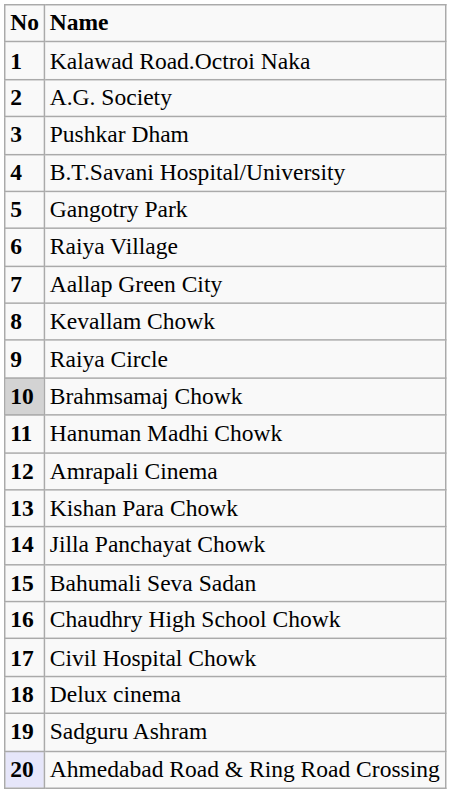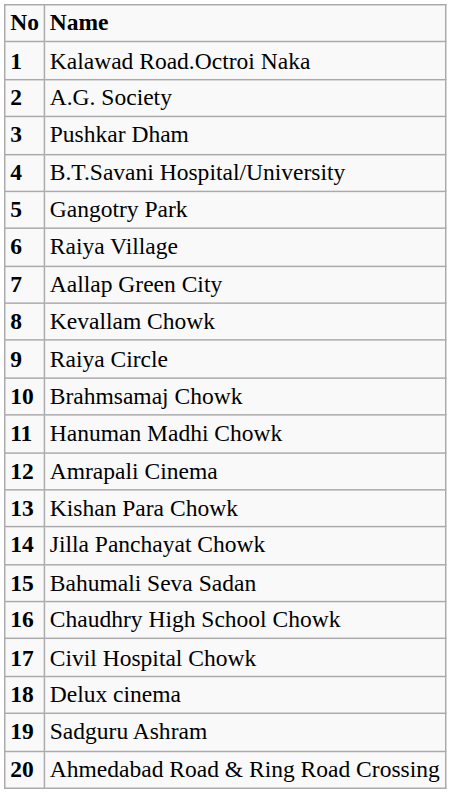 <table class="wikitable">
 <tr>
 <td><strong>No</strong></td>
 <td><strong>Name</strong></td>
 </tr>
 <tr>
 <td><strong>1</strong></td>
 <td>Kalawad Road.Octroi Naka</td>
 </tr>
 <tr>
 <td><strong>2</strong></td>
 <td>A.G. Society</td>
 </tr>
 <tr>
 <td><strong>3</strong></td>
 <td>Pushkar Dham</td>
 </tr>
 <tr>
 <td><strong>4</strong></td>
 <td>B.T.Savani Hospital/University</td>
 </tr>
 <tr>
 <td><strong>5</strong></td>
 <td>Gangotry Park</td>
 </tr>
 <tr>
 <td><strong>6</strong></td>
 <td>Raiya Village</td>
 </tr>
 <tr>
 <td><strong>7</strong></td>
 <td>Aallap Green City</td>
 </tr>
 <tr>
 <td><strong>8</strong></td>
 <td>Kevallam Chowk</td>
 </tr>
 <tr>
 <td><strong>9</strong></td>
 <td>Raiya Circle</td>
 </tr>
 <tr>
-<td style="background: lightgrey;"><strong>10</strong></td>
+<td><strong>10</strong></td>
 <td>Brahmsamaj Chowk</td>
 </tr>
 <tr>
 <td><strong>11</strong></td>
 <td>Hanuman Madhi Chowk</td>
 </tr>
 <tr>
 <td><strong>12</strong></td>
 <td>Amrapali Cinema</td>
 </tr>
 <tr>
 <td><strong>13</strong></td>
 <td>Kishan Para Chowk</td>
 </tr>
 <tr>
 <td><strong>14</strong></td>
 <td>Jilla Panchayat Chowk</td>
 </tr>
 <tr>
 <td><strong>15</strong></td>
 <td>Bahumali Seva Sadan</td>
 </tr>
 <tr>
 <td><strong>16</strong></td>
 <td>Chaudhry High School Chowk</td>
 </tr>
 <tr>
 <td><strong>17</strong></td>
 <td>Civil Hospital Chowk</td>
 </tr>
 <tr>
 <td><strong>18</strong></td>
 <td>Delux cinema</td>
 </tr>
 <tr>
 <td><strong>19</strong></td>
 <td>Sadguru Ashram</td>
 </tr>
 <tr>
-<td style="background: lavender;"><strong>20</strong></td>
+<td><strong>20</strong></td>
 <td>Ahmedabad Road & Ring Road Crossing</td>
 </tr>
 </table>
